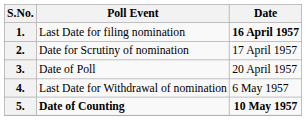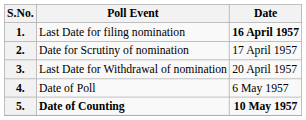 <table class="wikitable sortable">
 <tr>
 <th>S.No.</th>
 <th>Poll Event</th>
 <th>Date</th>
 </tr>
 <tr>
 <th>1.</th>
 <td>Last Date for filing nomination</td>
 <td><strong>16 April 1957</strong></td>
 </tr>
 <tr>
 <th>2.</th>
 <td>Date for Scrutiny of nomination</td>
 <td>17 April 1957</td>
 </tr>
 <tr>
 <th>3.</th>
-<td>Date of Poll</td>
+<td>Last Date for Withdrawal of nomination</td>
 <td>20 April 1957</td>
 </tr>
 <tr>
 <th>4.</th>
-<td>Last Date for Withdrawal of nomination</td>
+<td>Date of Poll</td>
 <td>6 May 1957</td>
 </tr>
 <tr>
 <th>5.</th>
 <td><strong>Date of Counting</strong></td>
 <td colspan="2" style="text-align:center"><strong>10 May 1957</strong></td>
 </tr>
 <tr>
 </tr>
 </table>
